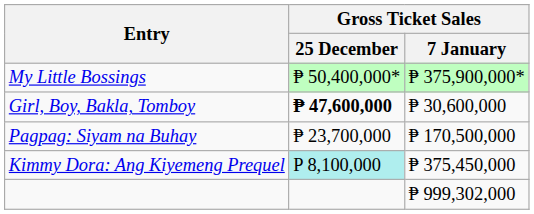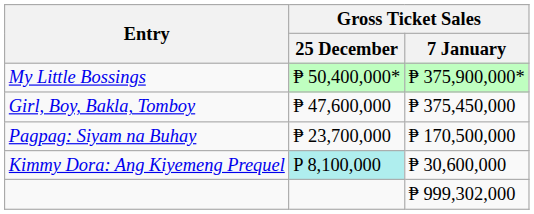 <table class="wikitable sortable" style="text align: center">
 <tr bgcolor="#efefef">
 <th rowspan=2>Entry</th>
 <th colspan=6>Gross Ticket Sales</th>
 </tr>
 <tr>
 <th>25 December</th>
 <th>7 January</th>
 </tr>
 <tr>
 <td><em><a href='#'>My Little Bossings</a></em></td>
 <td data-sort-value="1" style="background:#BFFFC0;">₱ 50,400,000*</td>
 <td data-sort-value="1" style="background:#BFFFC0;">₱ 375,900,000*</td>
 </tr>
 <tr>
 <td><em><a href='#'>Girl, Boy, Bakla, Tomboy</a></em></td>
-<td data-sort-value="2"><strong>₱ 47,600,000</strong></td>
-<td data-sort-value="4">₱ 30,600,000</td>
+<td data-sort-value="2">₱ 47,600,000</td>
+<td data-sort-value="2">₱ 375,450,000</td>
 </tr>
 <tr>
 <td><em><a href='#'>Pagpag: Siyam na Buhay</a></em></td>
 <td data-sort-value="3">₱ 23,700,000</td>
 <td data-sort-value="3">₱ 170,500,000</td>
 </tr>
 <tr>
 <td><em><a href='#'>Kimmy Dora: Ang Kiyemeng Prequel</a></em></td>
 <td data-sort-value="4" style="background: paleturquoise;">P 8,100,000</td>
-<td data-sort-value="2">₱ 375,450,000</td>
+<td data-sort-value="4">₱ 30,600,000</td>
 </tr>
 <tr>
 <td></td>
 <td><strong></strong></td>
 <td>₱ 999,302,000</td>
 </tr>
 </table>
